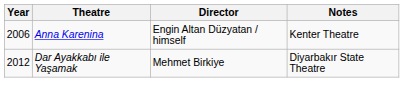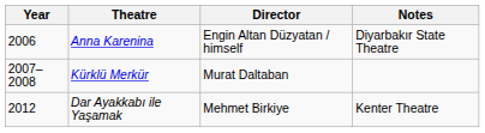 <table class="wikitable">
 <tr>
 <th>Year</th>
 <th>Theatre</th>
 <th>Director</th>
 <th>Notes</th>
 </tr>
 <tr>
 <td>2006</td>
 <td><em><a href='#'>Anna Karenina</a></em></td>
 <td>Engin Altan Düzyatan / himself</td>
-<td>Kenter Theatre</td>
+<td>Diyarbakır State Theatre</td>
+</tr>
+<tr>
+<td>2007–2008</td>
+<td><em><a href='#'>Kürklü Merkür</a></em></td>
+<td>Murat Daltaban</td>
+<td></td>
 </tr>
 <tr>
 <td>2012</td>
 <td><em>Dar Ayakkabı ile Yaşamak</em></td>
 <td>Mehmet Birkiye</td>
-<td>Diyarbakır State Theatre</td>
+<td>Kenter Theatre</td>
 </tr>
 </table>
